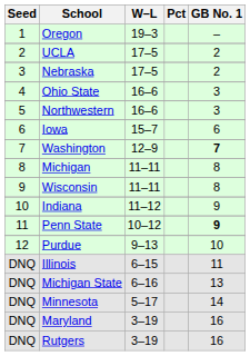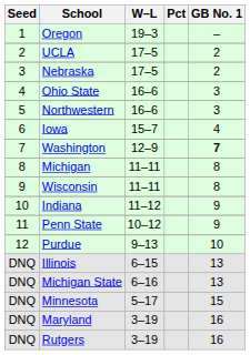 <table class="wikitable" style="text-align:center">
 <tr>
 <th>Seed</th>
 <th>School</th>
 <th>W–L</th>
 <th>Pct</th>
 <th>GB No. 1</th>
 </tr>
 <tr bgcolor=ddffdd>
 <td>1</td>
 <td align="left"><a href='#'>Oregon</a></td>
 <td>19–3</td>
 <td></td>
 <td>–</td>
 </tr>
 <tr>
 </tr>
 <tr bgcolor=ddffdd>
 <td>2</td>
 <td align="left"><a href='#'>UCLA</a></td>
 <td>17–5</td>
 <td></td>
 <td>2</td>
 </tr>
 <tr>
 </tr>
 <tr bgcolor=ddffdd>
 <td>3</td>
 <td align="left"><a href='#'>Nebraska</a></td>
 <td>17–5</td>
 <td></td>
 <td>2</td>
 </tr>
 <tr>
 </tr>
 <tr bgcolor=ddffdd>
 <td>4</td>
 <td align="left"><a href='#'>Ohio State</a></td>
 <td>16–6</td>
 <td></td>
 <td>3</td>
 </tr>
 <tr>
 </tr>
 <tr bgcolor=ddffdd>
 <td>5</td>
 <td align="left"><a href='#'>Northwestern</a></td>
 <td>16–6</td>
 <td></td>
 <td>3</td>
 </tr>
 <tr>
 </tr>
 <tr bgcolor=ddffdd>
 <td>6</td>
 <td align="left"><a href='#'>Iowa</a></td>
 <td>15–7</td>
 <td></td>
-<td>6</td>
+<td>4</td>
 </tr>
 <tr>
 </tr>
 <tr bgcolor=ddffdd>
 <td>7</td>
 <td align="left"><a href='#'>Washington</a></td>
 <td>12–9</td>
 <td></td>
 <td><strong>7</strong></td>
 </tr>
 <tr>
 </tr>
 <tr bgcolor=ddffdd>
 <td>8</td>
 <td align="left"><a href='#'>Michigan</a></td>
 <td>11–11</td>
 <td></td>
 <td>8</td>
 </tr>
 <tr>
 </tr>
 <tr bgcolor=ddffdd>
 <td>9</td>
 <td align="left"><a href='#'>Wisconsin</a></td>
 <td>11–11</td>
 <td></td>
 <td>8</td>
 </tr>
 <tr>
 </tr>
 <tr bgcolor=ddffdd>
 <td>10</td>
 <td align="left"><a href='#'>Indiana</a></td>
 <td>11–12</td>
 <td></td>
 <td>9</td>
 </tr>
 <tr>
 </tr>
 <tr bgcolor=ddffdd>
 <td>11</td>
 <td align="left"><a href='#'>Penn State</a></td>
 <td>10–12</td>
 <td></td>
-<td><strong>9</strong></td>
+<td>9</td>
 </tr>
 <tr>
 </tr>
 <tr bgcolor=ddffdd>
 <td>12</td>
 <td align="left"><a href='#'>Purdue</a></td>
 <td>9–13</td>
 <td></td>
 <td>10</td>
 </tr>
 <tr style="background-color: #E5E5E5;">
 <td align=center>DNQ</td>
 <td align="left"><a href='#'>Illinois</a></td>
 <td>6–15</td>
 <td></td>
-<td>11</td>
+<td>13</td>
 </tr>
 <tr style="background-color: #E5E5E5;">
 <td align=center>DNQ</td>
 <td align="left"><a href='#'>Michigan State</a></td>
 <td>6–16</td>
 <td></td>
 <td>13</td>
 </tr>
 <tr style="background-color: #E5E5E5;">
 <td align=center>DNQ</td>
 <td align="left"><a href='#'>Minnesota</a></td>
 <td>5–17</td>
 <td></td>
-<td>14</td>
+<td>15</td>
 </tr>
 <tr style="background-color: #E5E5E5;">
 <td align=center>DNQ</td>
 <td align="left"><a href='#'>Maryland</a></td>
 <td>3–19</td>
 <td></td>
 <td>16</td>
 </tr>
 <tr style="background-color: #E5E5E5;">
 <td align=center>DNQ</td>
 <td align="left"><a href='#'>Rutgers</a></td>
 <td>3–19</td>
 <td></td>
 <td>16</td>
 </tr>
 </table>
